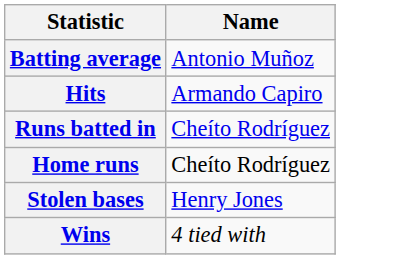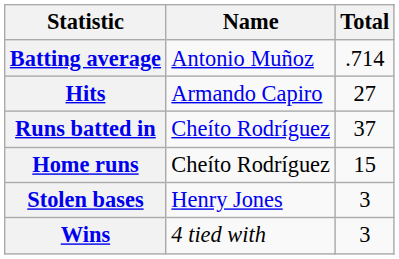 <table class="wikitable plainrowheaders">
 <tr>
 <th scope="col">Statistic</th>
 <th scope="col">Name</th>
+<th scope="col">Total</th>
 </tr>
 <tr>
 <th scope="row"><a href='#'>Batting average</a></th>
 <td> <a href='#'>Antonio Muñoz</a></td>
+<td align=center>.714</td>
 </tr>
 <tr>
 <th scope="row"><a href='#'>Hits</a></th>
 <td> <a href='#'>Armando Capiro</a></td>
+<td align=center>27</td>
 </tr>
 <tr>
 <th scope="row"><a href='#'>Runs batted in</a></th>
 <td> <a href='#'>Cheíto Rodríguez</a></td>
+<td align=center>37</td>
 </tr>
 <tr>
 <th scope="row"><a href='#'>Home runs</a></th>
 <td> Cheíto Rodríguez</td>
+<td align=center>15</td>
 </tr>
 <tr>
 <th scope="row"><a href='#'>Stolen bases</a></th>
 <td> <a href='#'>Henry Jones</a></td>
+<td align=center>3</td>
 </tr>
 <tr>
 <th scope="row"><a href='#'>Wins</a></th>
 <td><em>4 tied with</em></td>
+<td align=center>3</td>
 </tr>
 </table>
